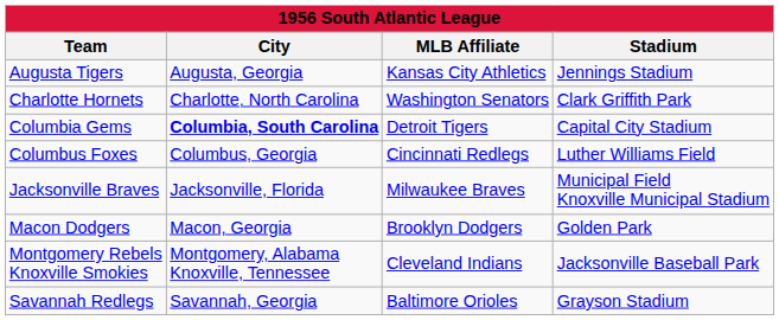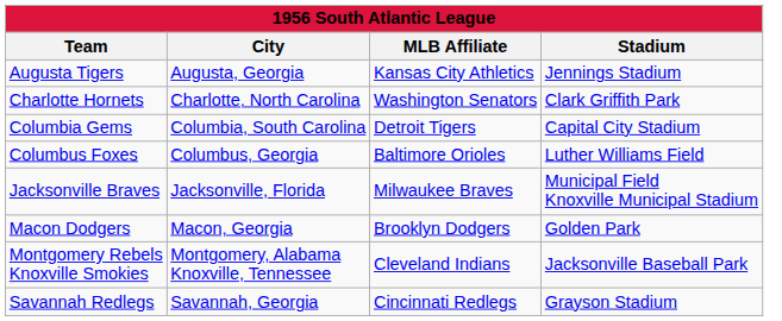 <table class="wikitable" style="width:auto">
 <tr>
 <td bgcolor="#DC143C" align="center" colspan="7"><strong><span>1956 South Atlantic League</span></strong></td>
 </tr>
 <tr>
 <th>Team</th>
 <th>City</th>
 <th>MLB Affiliate</th>
 <th>Stadium</th>
 </tr>
 <tr>
 <td><a href='#'>Augusta Tigers</a></td>
 <td><a href='#'>Augusta, Georgia</a></td>
 <td><a href='#'>Kansas City Athletics</a></td>
 <td><a href='#'>Jennings Stadium</a></td>
 </tr>
 <tr>
 <td><a href='#'>Charlotte Hornets</a></td>
 <td><a href='#'>Charlotte, North Carolina</a></td>
 <td><a href='#'>Washington Senators</a></td>
 <td><a href='#'>Clark Griffith Park</a></td>
 </tr>
 <tr>
 <td><a href='#'>Columbia Gems</a></td>
-<td><strong><a href='#'>Columbia, South Carolina</a></strong></td>
+<td><a href='#'>Columbia, South Carolina</a></td>
 <td><a href='#'>Detroit Tigers</a></td>
 <td><a href='#'>Capital City Stadium</a></td>
 </tr>
 <tr>
 <td><a href='#'>Columbus Foxes</a></td>
 <td><a href='#'>Columbus, Georgia</a></td>
-<td><a href='#'>Cincinnati Redlegs</a></td>
+<td><a href='#'>Baltimore Orioles</a></td>
 <td><a href='#'>Luther Williams Field</a></td>
 </tr>
 <tr>
 <td><a href='#'>Jacksonville Braves</a></td>
 <td><a href='#'>Jacksonville, Florida</a></td>
 <td><a href='#'>Milwaukee Braves</a></td>
 <td><a href='#'>Municipal Field</a> <br> <a href='#'>Knoxville Municipal Stadium</a></td>
 </tr>
 <tr>
 <td><a href='#'>Macon Dodgers</a></td>
 <td><a href='#'>Macon, Georgia</a></td>
 <td><a href='#'>Brooklyn Dodgers</a></td>
 <td><a href='#'>Golden Park</a></td>
 </tr>
 <tr>
 <td><a href='#'>Montgomery Rebels</a> <br> <a href='#'>Knoxville Smokies</a></td>
 <td><a href='#'>Montgomery, Alabama</a> <br> <a href='#'>Knoxville, Tennessee</a></td>
 <td><a href='#'>Cleveland Indians</a></td>
 <td><a href='#'>Jacksonville Baseball Park</a></td>
 </tr>
 <tr>
 <td><a href='#'>Savannah Redlegs</a></td>
 <td><a href='#'>Savannah, Georgia</a></td>
-<td><a href='#'>Baltimore Orioles</a></td>
+<td><a href='#'>Cincinnati Redlegs</a></td>
 <td><a href='#'>Grayson Stadium</a></td>
 </tr>
 </table>
